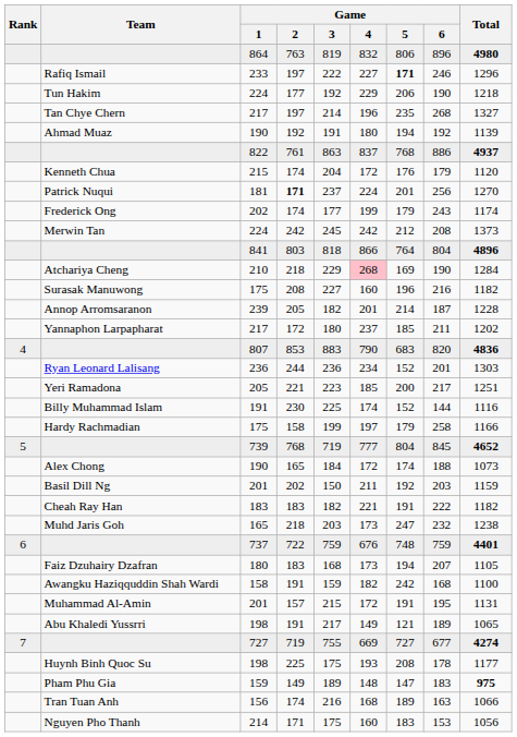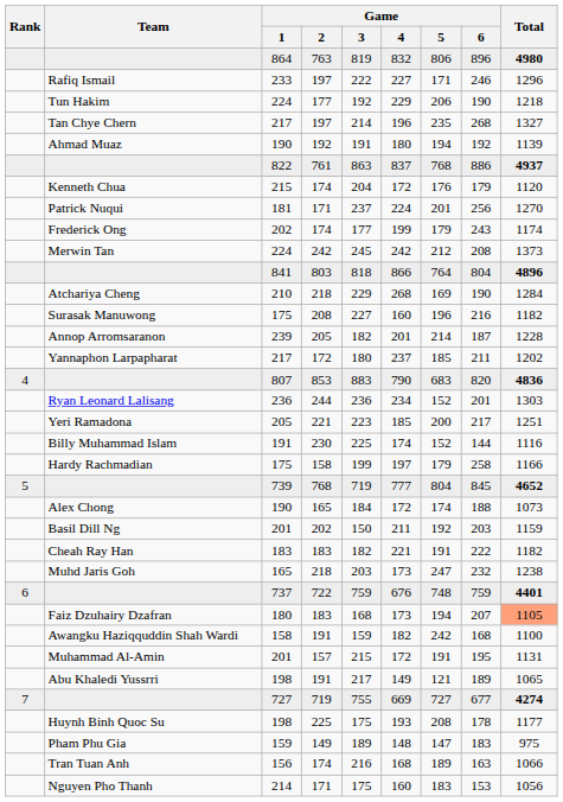 <table class=wikitable style="text-align:center">
 <tr>
 <th rowspan="2" width=40>Rank</th>
 <th rowspan="2" width=250>Team</th>
 <th colspan="6">Game</th>
 <th rowspan="2" width=60>Total</th>
 </tr>
 <tr>
 <th width=40>1</th>
 <th width=40>2</th>
 <th width=40>3</th>
 <th width=40>4</th>
 <th width=40>5</th>
 <th width=40>6</th>
 </tr>
 <tr bgcolor=eeeeee>
 <td></td>
 <td align=left></td>
 <td>864</td>
 <td>763</td>
 <td>819</td>
 <td>832</td>
 <td>806</td>
 <td>896</td>
 <td><strong>4980</strong></td>
 </tr>
 <tr>
 <td></td>
 <td align=left>Rafiq Ismail</td>
 <td>233</td>
 <td>197</td>
 <td>222</td>
 <td>227</td>
-<td><strong>171</strong></td>
+<td>171</td>
 <td>246</td>
 <td>1296</td>
 </tr>
 <tr>
 <td></td>
 <td align=left>Tun Hakim</td>
 <td>224</td>
 <td>177</td>
 <td>192</td>
 <td>229</td>
 <td>206</td>
 <td>190</td>
 <td>1218</td>
 </tr>
 <tr>
 <td></td>
 <td align=left>Tan Chye Chern</td>
 <td>217</td>
 <td>197</td>
 <td>214</td>
 <td>196</td>
 <td>235</td>
 <td>268</td>
 <td>1327</td>
 </tr>
 <tr>
 <td></td>
 <td align=left>Ahmad Muaz</td>
 <td>190</td>
 <td>192</td>
 <td>191</td>
 <td>180</td>
 <td>194</td>
 <td>192</td>
 <td>1139</td>
 </tr>
 <tr bgcolor=eeeeee>
 <td></td>
 <td align=left></td>
 <td>822</td>
 <td>761</td>
 <td>863</td>
 <td>837</td>
 <td>768</td>
 <td>886</td>
 <td><strong>4937</strong></td>
 </tr>
 <tr>
 <td></td>
 <td align=left>Kenneth Chua</td>
 <td>215</td>
 <td>174</td>
 <td>204</td>
 <td>172</td>
 <td>176</td>
 <td>179</td>
 <td>1120</td>
 </tr>
 <tr>
 <td></td>
 <td align=left>Patrick Nuqui</td>
 <td>181</td>
-<td><strong>171</strong></td>
+<td>171</td>
 <td>237</td>
 <td>224</td>
 <td>201</td>
 <td>256</td>
 <td>1270</td>
 </tr>
 <tr>
 <td></td>
 <td align=left>Frederick Ong</td>
 <td>202</td>
 <td>174</td>
 <td>177</td>
 <td>199</td>
 <td>179</td>
 <td>243</td>
 <td>1174</td>
 </tr>
 <tr>
 <td></td>
 <td align=left>Merwin Tan</td>
 <td>224</td>
 <td>242</td>
 <td>245</td>
 <td>242</td>
 <td>212</td>
 <td>208</td>
 <td>1373</td>
 </tr>
 <tr bgcolor=eeeeee>
 <td></td>
 <td align=left></td>
 <td>841</td>
 <td>803</td>
 <td>818</td>
 <td>866</td>
 <td>764</td>
 <td>804</td>
 <td><strong>4896</strong></td>
 </tr>
 <tr>
 <td></td>
 <td align=left>Atchariya Cheng</td>
 <td>210</td>
 <td>218</td>
 <td>229</td>
-<td style="background: pink;">268</td>
+<td>268</td>
 <td>169</td>
 <td>190</td>
 <td>1284</td>
 </tr>
 <tr>
 <td></td>
 <td align=left>Surasak Manuwong</td>
 <td>175</td>
 <td>208</td>
 <td>227</td>
 <td>160</td>
 <td>196</td>
 <td>216</td>
 <td>1182</td>
 </tr>
 <tr>
 <td></td>
 <td align=left>Annop Arromsaranon</td>
 <td>239</td>
 <td>205</td>
 <td>182</td>
 <td>201</td>
 <td>214</td>
 <td>187</td>
 <td>1228</td>
 </tr>
 <tr>
 <td></td>
 <td align=left>Yannaphon Larpapharat</td>
 <td>217</td>
 <td>172</td>
 <td>180</td>
 <td>237</td>
 <td>185</td>
 <td>211</td>
 <td>1202</td>
 </tr>
 <tr bgcolor=eeeeee>
 <td>4</td>
 <td align=left></td>
 <td>807</td>
 <td>853</td>
 <td>883</td>
 <td>790</td>
 <td>683</td>
 <td>820</td>
 <td><strong>4836</strong></td>
 </tr>
 <tr>
 <td></td>
 <td align=left><a href='#'>Ryan Leonard Lalisang</a></td>
 <td>236</td>
 <td>244</td>
 <td>236</td>
 <td>234</td>
 <td>152</td>
 <td>201</td>
 <td>1303</td>
 </tr>
 <tr>
 <td></td>
 <td align=left>Yeri Ramadona</td>
 <td>205</td>
 <td>221</td>
 <td>223</td>
 <td>185</td>
 <td>200</td>
 <td>217</td>
 <td>1251</td>
 </tr>
 <tr>
 <td></td>
 <td align=left>Billy Muhammad Islam</td>
 <td>191</td>
 <td>230</td>
 <td>225</td>
 <td>174</td>
 <td>152</td>
 <td>144</td>
 <td>1116</td>
 </tr>
 <tr>
 <td></td>
 <td align=left>Hardy Rachmadian</td>
 <td>175</td>
 <td>158</td>
 <td>199</td>
 <td>197</td>
 <td>179</td>
 <td>258</td>
 <td>1166</td>
 </tr>
 <tr bgcolor=eeeeee>
 <td>5</td>
 <td align=left></td>
 <td>739</td>
 <td>768</td>
 <td>719</td>
 <td>777</td>
 <td>804</td>
 <td>845</td>
 <td><strong>4652</strong></td>
 </tr>
 <tr>
 <td></td>
 <td align=left>Alex Chong</td>
 <td>190</td>
 <td>165</td>
 <td>184</td>
 <td>172</td>
 <td>174</td>
 <td>188</td>
 <td>1073</td>
 </tr>
 <tr>
 <td></td>
 <td align=left>Basil Dill Ng</td>
 <td>201</td>
 <td>202</td>
 <td>150</td>
 <td>211</td>
 <td>192</td>
 <td>203</td>
 <td>1159</td>
 </tr>
 <tr>
 <td></td>
 <td align=left>Cheah Ray Han</td>
 <td>183</td>
 <td>183</td>
 <td>182</td>
 <td>221</td>
 <td>191</td>
 <td>222</td>
 <td>1182</td>
 </tr>
 <tr>
 <td></td>
 <td align=left>Muhd Jaris Goh</td>
 <td>165</td>
 <td>218</td>
 <td>203</td>
 <td>173</td>
 <td>247</td>
 <td>232</td>
 <td>1238</td>
 </tr>
 <tr bgcolor=eeeeee>
 <td>6</td>
 <td align=left></td>
 <td>737</td>
 <td>722</td>
 <td>759</td>
 <td>676</td>
 <td>748</td>
 <td>759</td>
 <td><strong>4401</strong></td>
 </tr>
 <tr>
 <td></td>
 <td align=left>Faiz Dzuhairy Dzafran</td>
 <td>180</td>
 <td>183</td>
 <td>168</td>
 <td>173</td>
 <td>194</td>
 <td>207</td>
-<td>1105</td>
+<td style="background: lightsalmon;">1105</td>
 </tr>
 <tr>
 <td></td>
 <td align=left>Awangku Haziqquddin Shah Wardi</td>
 <td>158</td>
 <td>191</td>
 <td>159</td>
 <td>182</td>
 <td>242</td>
 <td>168</td>
 <td>1100</td>
 </tr>
 <tr>
 <td></td>
 <td align=left>Muhammad Al-Amin</td>
 <td>201</td>
 <td>157</td>
 <td>215</td>
 <td>172</td>
 <td>191</td>
 <td>195</td>
 <td>1131</td>
 </tr>
 <tr>
 <td></td>
 <td align=left>Abu Khaledi Yussrri</td>
 <td>198</td>
 <td>191</td>
 <td>217</td>
 <td>149</td>
 <td>121</td>
 <td>189</td>
 <td>1065</td>
 </tr>
 <tr bgcolor=eeeeee>
 <td>7</td>
 <td align=left></td>
 <td>727</td>
 <td>719</td>
 <td>755</td>
 <td>669</td>
 <td>727</td>
 <td>677</td>
 <td><strong>4274</strong></td>
 </tr>
 <tr>
 <td></td>
 <td align=left>Huynh Binh Quoc Su</td>
 <td>198</td>
 <td>225</td>
 <td>175</td>
 <td>193</td>
 <td>208</td>
 <td>178</td>
 <td>1177</td>
 </tr>
 <tr>
 <td></td>
 <td align=left>Pham Phu Gia</td>
 <td>159</td>
 <td>149</td>
 <td>189</td>
 <td>148</td>
 <td>147</td>
 <td>183</td>
-<td><strong>975</strong></td>
+<td>975</td>
 </tr>
 <tr>
 <td></td>
 <td align=left>Tran Tuan Anh</td>
 <td>156</td>
 <td>174</td>
 <td>216</td>
 <td>168</td>
 <td>189</td>
 <td>163</td>
 <td>1066</td>
 </tr>
 <tr>
 <td></td>
 <td align=left>Nguyen Pho Thanh</td>
 <td>214</td>
 <td>171</td>
 <td>175</td>
 <td>160</td>
 <td>183</td>
 <td>153</td>
 <td>1056</td>
 </tr>
 </table>
